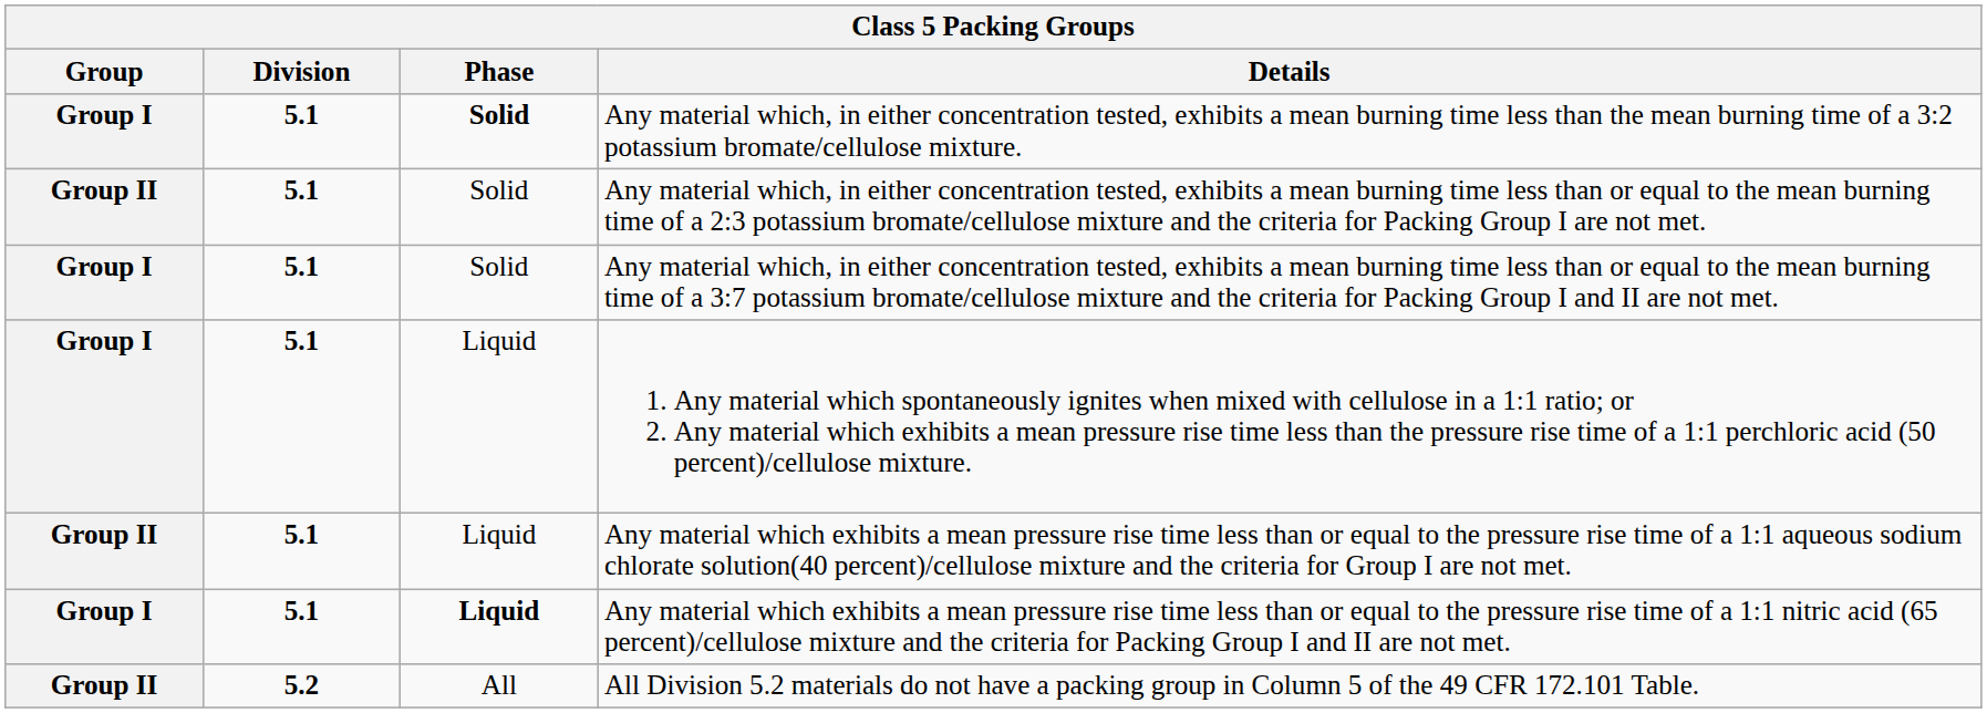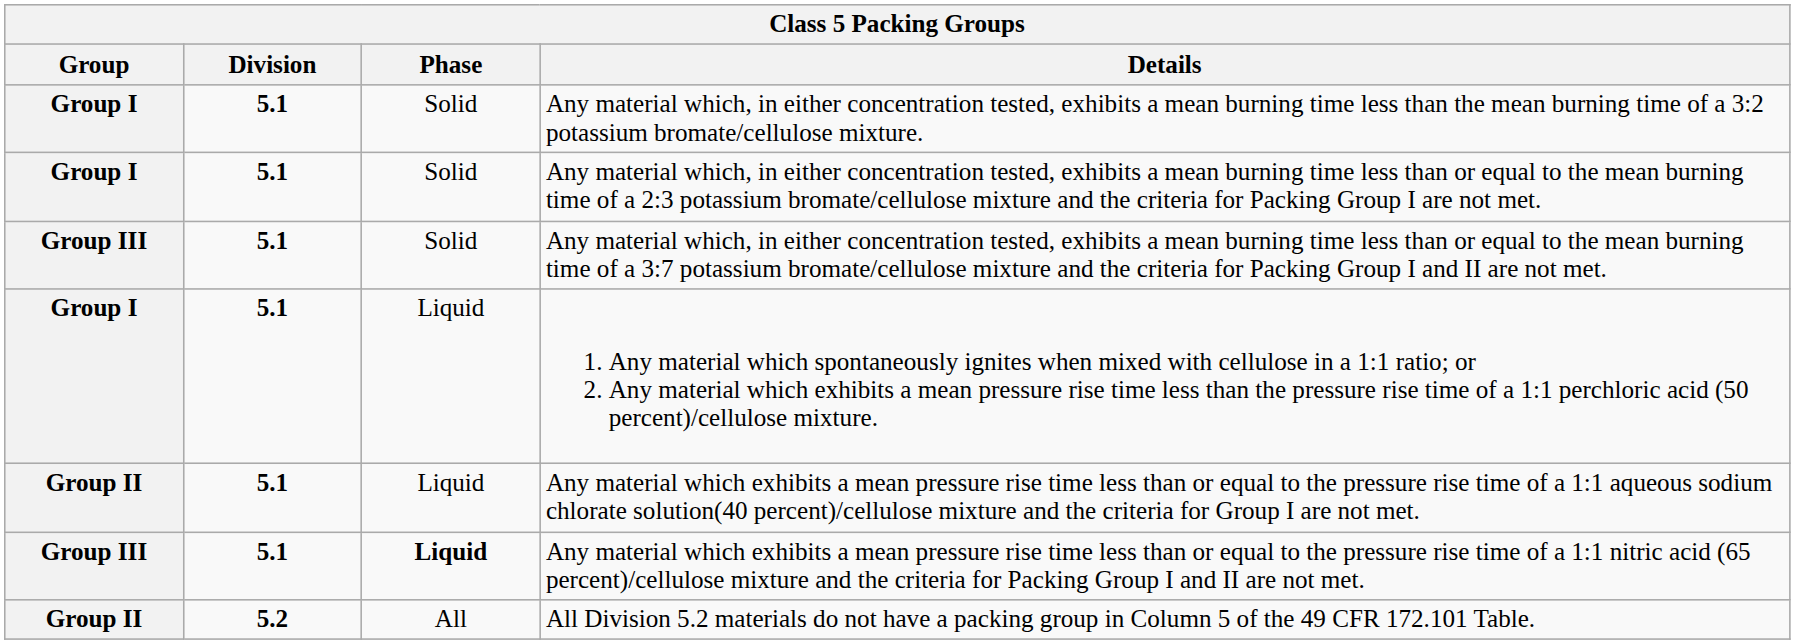 <table class=wikitable width=90% align=center>
 <tr>
 <th colspan=4>Class 5 Packing Groups</th>
 </tr>
 <tr>
 <th width=10%>Group</th>
 <th width=10%>Division</th>
 <th width=10%>Phase</th>
 <th width=70%>Details</th>
 </tr>
 <tr>
 <th style="vertical-align:top;">Group I</th>
 <td style="vertical-align:top;text-align:center;"><strong>5.1</strong></td>
-<td style="vertical-align:top;text-align:center;"><strong>Solid</strong></td>
+<td style="vertical-align:top;text-align:center;">Solid</td>
 <td style="vertical-align:top;">Any material which, in either concentration tested, exhibits a mean burning time less than the mean burning time of a 3:2 potassium bromate/cellulose mixture.</td>
 </tr>
 <tr>
-<th style="vertical-align:top;">Group II</th>
+<th style="vertical-align:top;">Group I</th>
 <td style="vertical-align:top;text-align:center;"><strong>5.1</strong></td>
 <td style="vertical-align:top;text-align:center;">Solid</td>
 <td style="vertical-align:top;">Any material which, in either concentration tested, exhibits a mean burning time less than or equal to the mean burning time of a 2:3 potassium bromate/cellulose mixture and the criteria for Packing Group I are not met.</td>
 </tr>
 <tr>
-<th style="vertical-align:top;">Group I</th>
+<th style="vertical-align:top;">Group III</th>
 <td style="vertical-align:top;text-align:center;"><strong>5.1</strong></td>
 <td style="vertical-align:top;text-align:center;">Solid</td>
 <td style="vertical-align:top;">Any material which, in either concentration tested, exhibits a mean burning time less than or equal to the mean burning time of a 3:7 potassium bromate/cellulose mixture and the criteria for Packing Group I and II are not met.</td>
 </tr>
 <tr>
 <th style="vertical-align:top;">Group I</th>
 <td style="vertical-align:top;text-align:center;"><strong>5.1</strong></td>
 <td style="vertical-align:top;text-align:center;">Liquid</td>
 <td style="vertical-align:top;"><br><ol><li>Any material which spontaneously ignites when mixed with cellulose in a 1:1 ratio; or</li><li>Any material which exhibits a mean pressure rise time less than the pressure rise time of a 1:1 perchloric acid (50 percent)/cellulose mixture.</li></ol></td>
 </tr>
 <tr>
 <th style="vertical-align:top;">Group II</th>
 <td style="vertical-align:top;text-align:center;"><strong>5.1</strong></td>
 <td style="vertical-align:top;text-align:center;">Liquid</td>
 <td style="vertical-align:top;">Any material which exhibits a mean pressure rise time less than or equal to the pressure rise time of a 1:1 aqueous sodium chlorate solution(40 percent)/cellulose mixture and the criteria for Group I are not met.</td>
 </tr>
 <tr>
-<th style="vertical-align:top;">Group I</th>
+<th style="vertical-align:top;">Group III</th>
 <td style="vertical-align:top;text-align:center;"><strong>5.1</strong></td>
 <td style="vertical-align:top;text-align:center;"><strong>Liquid</strong></td>
 <td style="vertical-align:top;">Any material which exhibits a mean pressure rise time less than or equal to the pressure rise time of a 1:1 nitric acid (65 percent)/cellulose mixture and the criteria for Packing Group I and II are not met.</td>
 </tr>
 <tr>
 <th style="vertical-align:top;">Group II</th>
 <td style="vertical-align:top;text-align:center;"><strong>5.2</strong></td>
 <td style="vertical-align:top;text-align:center;">All</td>
 <td style="vertical-align:top;">All Division 5.2 materials do not have a packing group in Column 5 of the 49 CFR 172.101 Table.</td>
 </tr>
 </table>
